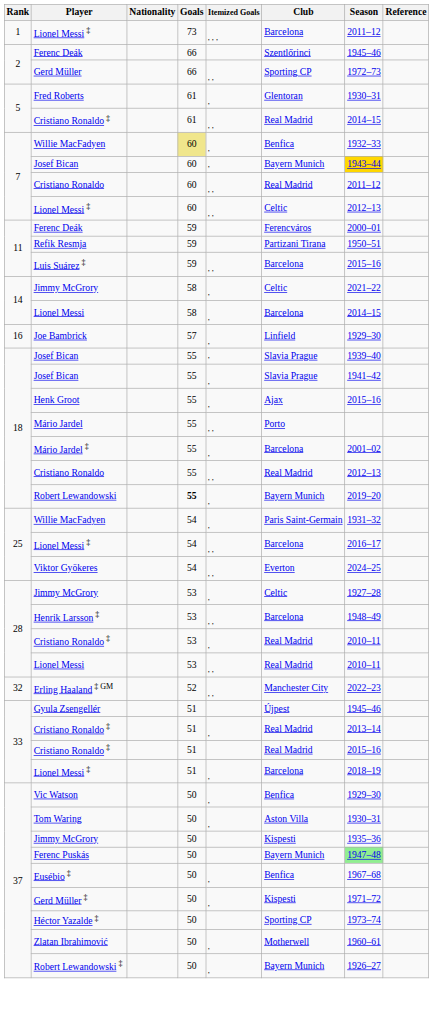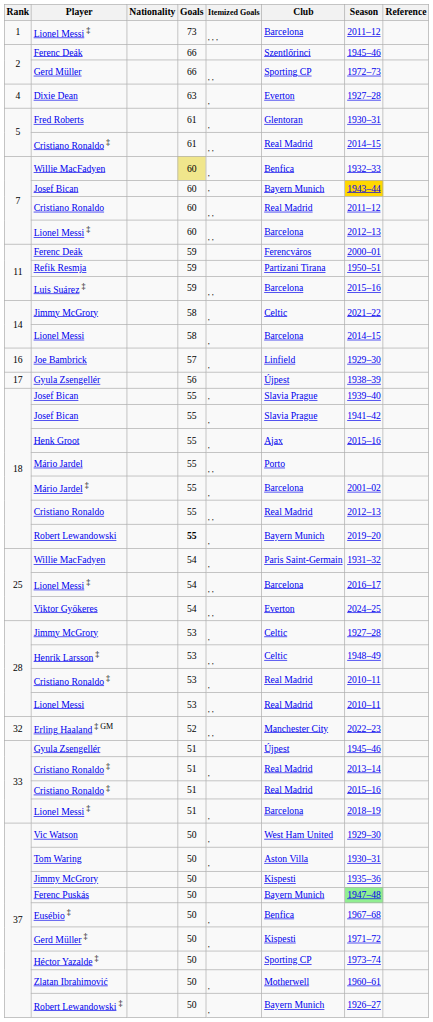 <table class="wikitable sortable" style="text-align:left; font-size:90%">
 <tr>
 <th scope="col" style="text-align:center">Rank</th>
 <th scope="col">Player</th>
 <th scope="col">Nationality</th>
 <th scope="col">Goals</th>
 <th scope="col"><small>Itemized Goals</small></th>
 <th scope="col">Club</th>
 <th scope="col">Season</th>
 <th scope="col">Reference</th>
 </tr>
 <tr>
 <td scope="row" style="text-align:center">1</td>
 <td data-sort-value="Messi"><a href='#'>Lionel Messi</a><sup> ‡</sup> </td>
 <td></td>
 <td style="text-align:center">73</td>
 <td style="font-size:85%; text-align:left; vertical-align: middle" data-sort-value="73"><br><span><span></span>, , </span> <span> , </span> <span></span></td>
 <td> <a href='#'>Barcelona</a></td>
 <td><a href='#'>2011–12</a></td>
 <td style="text-align:right;"></td>
 </tr>
 <tr>
 <td scope="rowgroup" rowspan="2" style="text-align:center">2</td>
 <td data-sort-value="Deak"><a href='#'>Ferenc Deák</a></td>
 <td></td>
 <td style="text-align:center">66</td>
 <td style="font-size:85%; text-align:left; vertical-align: middle" data-sort-value="66"><br><span></span></td>
 <td> <a href='#'>Szentlőrinci</a></td>
 <td><a href='#'>1945–46</a></td>
 <td style="text-align:right;"></td>
 </tr>
 <tr>
 <td data-sort-value="Müller"><a href='#'>Gerd Müller</a> </td>
 <td></td>
 <td style="text-align:center">66</td>
 <td style="font-size:85%; text-align:left; vertical-align: middle" data-sort-value="66"><br><span>, , </span> <span></span></td>
 <td> <a href='#'>Sporting CP</a></td>
 <td><a href='#'>1972–73</a></td>
+<td style="text-align:right;"></td>
+</tr>
+<tr>
+<td scope="row" style="text-align:center">4</td>
+<td data-sort-value="Dean"><a href='#'>Dixie Dean</a></td>
+<td></td>
+<td style="text-align:center">63</td>
+<td style="font-size:85%; text-align:left; vertical-align: middle" data-sort-value="63"><br><span>, </span></td>
+<td> <a href='#'>Everton</a></td>
+<td><a href='#'>1927–28</a></td>
 <td style="text-align:right;"></td>
 </tr>
 <tr>
 <td scope="row" style="text-align:center" rowspan="2">5</td>
 <td><a href='#'>Fred Roberts</a></td>
 <td></td>
 <td style="text-align:center">61</td>
 <td style="font-size:85%; text-align:left; vertical-align: middle" data-sort-value="96"><br><span>, </span></td>
 <td> <a href='#'>Glentoran</a></td>
 <td><a href='#'>1930–31</a></td>
 <td style="text-align:right;"></td>
 </tr>
 <tr>
 <td data-sort-value="Ronaldo"><a href='#'>Cristiano Ronaldo</a><sup> ‡</sup> </td>
 <td></td>
 <td style="text-align:center">61</td>
 <td style="font-size:85%; text-align:left; vertical-align: middle" data-sort-value="61"><br><span><span></span>, </span> <span>, </span></td>
 <td> <a href='#'>Real Madrid</a></td>
 <td><a href='#'>2014–15</a></td>
 <td style="text-align:right;"></td>
 </tr>
 <tr>
 <td scope="rowgroup" rowspan="4" style="text-align:center">7</td>
 <td data-sort-value="MacFadyen"><a href='#'>Willie MacFadyen</a> </td>
 <td></td>
 <td style="background: khaki; text-align:center">60</td>
 <td style="font-size:85%; text-align:left; vertical-align: middle" data-sort-value="60"><br><span>, </span></td>
 <td> <a href='#'>Benfica</a></td>
 <td><a href='#'>1932–33</a></td>
 <td style="text-align:right;"></td>
 </tr>
 <tr>
 <td data-sort-value="Bican"><a href='#'>Josef Bican</a> </td>
 <td></td>
 <td style="text-align:center">60</td>
 <td style="font-size:85%; text-align:left; vertical-align: middle" data-sort-value="60"><span>, </span></td>
 <td> <a href='#'>Bayern Munich</a></td>
 <td style="background: gold;"><a href='#'>1943–44</a></td>
 <td style="text-align:right;"></td>
 </tr>
 <tr>
 <td data-sort-value="Ronaldo"><a href='#'>Cristiano Ronaldo</a> </td>
 <td></td>
 <td style="text-align:center">60</td>
 <td style="font-size:85%; text-align:left; vertical-align: middle" data-sort-value="60"><br><span>, , </span> <span></span></td>
 <td> <a href='#'>Real Madrid</a></td>
 <td><a href='#'>2011–12</a></td>
 <td style="text-align:right;"></td>
 </tr>
 <tr>
 <td data-sort-value="Messi"><a href='#'>Lionel Messi</a><sup> ‡</sup> </td>
 <td></td>
 <td style="text-align:center">60</td>
 <td style="font-size:85%; text-align:left; vertical-align: middle" data-sort-value="60"><br><span><span></span>, , </span> <span></span></td>
-<td> <a href='#'>Celtic</a></td>
+<td> <a href='#'>Barcelona</a></td>
 <td><a href='#'>2012–13</a></td>
 <td style="text-align:right;"></td>
 </tr>
 <tr>
 <td scope="rowgroup" rowspan="3" style="text-align:center">11</td>
 <td data-sort-value="Deak"><a href='#'>Ferenc Deák</a> </td>
 <td></td>
 <td style="text-align:center">59</td>
 <td style="font-size:85%; text-align:left; vertical-align: middle" data-sort-value="59"><br><span></span></td>
 <td> <a href='#'>Ferencváros</a></td>
 <td><a href='#'>2000–01</a></td>
 <td style="text-align:right;"></td>
 </tr>
 <tr>
 <td data-sort-value="Suarez"><a href='#'>Refik Resmja</a></td>
 <td></td>
 <td style="text-align:center">59</td>
 <td style="font-size:85%; text-align:left; vertical-align: middle" data-sort-value="59"><br><span></span></td>
 <td> <a href='#'>Partizani Tirana</a></td>
 <td><a href='#'>1950–51</a></td>
 <td style="text-align:right;"></td>
 </tr>
 <tr>
 <td data-sort-value="Suarez"><a href='#'>Luis Suárez</a><sup> ‡</sup></td>
 <td></td>
 <td style="text-align:center">59</td>
 <td style="font-size:85%; text-align:left; vertical-align: middle" data-sort-value="59"><br><span><span></span>, </span> <span>, </span> <span></span></td>
 <td> <a href='#'>Barcelona</a></td>
 <td><a href='#'>2015–16</a></td>
 <td style="text-align:right;"></td>
 </tr>
 <tr>
 <td scope="rowgroup" rowspan="2" style="text-align:center">14</td>
 <td data-sort-value="McGrory"><a href='#'>Jimmy McGrory</a></td>
 <td></td>
 <td style="text-align:center">58</td>
 <td style="font-size:85%; text-align:left; vertical-align: middle" data-sort-value="58"><br><span>, </span></td>
 <td> <a href='#'>Celtic</a></td>
 <td><a href='#'>2021–22</a></td>
 <td style="text-align:right;"></td>
 </tr>
 <tr>
 <td data-sort-value="Messi"><a href='#'>Lionel Messi</a> </td>
 <td></td>
 <td style="text-align:center">58</td>
 <td style="font-size:85%; text-align:left; vertical-align: middle" data-sort-value="58"><br><span>, </span> <span></span></td>
 <td> <a href='#'>Barcelona</a></td>
 <td><a href='#'>2014–15</a></td>
 <td style="text-align:right;"></td>
 </tr>
 <tr>
 <td scope="rowgroup" style="text-align:center">16</td>
 <td data-sort-value="Bambrick"><a href='#'>Joe Bambrick</a></td>
 <td></td>
 <td style="text-align:center">57</td>
 <td style="font-size:85%; text-align:left; vertical-align: middle" data-sort-value="54"><br><span>, </span></td>
 <td> <a href='#'>Linfield</a></td>
 <td><a href='#'>1929–30</a></td>
+<td style="text-align:right;"></td>
+</tr>
+<tr>
+<td scope="rowgroup" style="text-align:center">17</td>
+<td data-sort-value="Zsengellér"><a href='#'>Gyula Zsengellér</a></td>
+<td></td>
+<td style="text-align:center">56</td>
+<td style="font-size:85%; text-align:left; vertical-align: middle" data-sort-value="56"><br><span></span></td>
+<td> <a href='#'>Újpest</a></td>
+<td><a href='#'>1938–39</a></td>
 <td style="text-align:right;"></td>
 </tr>
 <tr>
 <td data-sort-value="Bican" rowspan="7" style="text-align:center">18</td>
 <td><a href='#'>Josef Bican</a> </td>
 <td></td>
 <td style="text-align:center">55</td>
 <td style="font-size:85%; text-align:left; vertical-align: middle" data-sort-value="55"><span>, </span></td>
 <td> <a href='#'>Slavia Prague</a></td>
 <td><a href='#'>1939–40</a></td>
 <td style="text-align:right;"></td>
 </tr>
 <tr>
 <td data-sort-value="Bican"><a href='#'>Josef Bican</a> </td>
 <td></td>
 <td style="text-align:center">55</td>
 <td style="font-size:85%; text-align:left; vertical-align: middle" data-sort-value="55"><br><span>, </span></td>
 <td> <a href='#'>Slavia Prague</a></td>
 <td><a href='#'>1941–42</a></td>
 <td style="text-align:right;"></td>
 </tr>
 <tr>
 <td data-sort-value="Groot"><a href='#'>Henk Groot</a></td>
 <td></td>
 <td style="text-align:center">55</td>
 <td style="font-size:85%; text-align:left; vertical-align: middle" data-sort-value="55"><br><span>, </span></td>
 <td> <a href='#'>Ajax</a></td>
 <td><a href='#'>2015–16</a></td>
 <td style="text-align:right;"></td>
 </tr>
 <tr>
 <td data-sort-value="Jardel"><a href='#'>Mário Jardel</a> </td>
 <td></td>
 <td style="text-align:center">55</td>
 <td style="font-size:85%; text-align:left; vertical-align: middle" data-sort-value="55"><br><span>, , </span> <span></span></td>
 <td> <a href='#'>Porto</a></td>
 <td></td>
 <td style="text-align:right;"></td>
 </tr>
 <tr>
 <td data-sort-value="Jardel"><a href='#'>Mário Jardel</a><sup> ‡</sup> </td>
 <td></td>
 <td style="text-align:center">55</td>
 <td style="font-size:85%; text-align:left; vertical-align: middle" data-sort-value="55"><br><span><span></span>, </span> <span></span></td>
 <td> <a href='#'>Barcelona</a></td>
 <td><a href='#'>2001–02</a></td>
 <td style="text-align:right;"></td>
 </tr>
 <tr>
 <td data-sort-value="Ronaldo"><a href='#'>Cristiano Ronaldo</a> </td>
 <td></td>
 <td style="text-align:center">55</td>
 <td style="font-size:85%; text-align:left; vertical-align: middle" data-sort-value="55"><br><span>, , </span> <span></span></td>
 <td> <a href='#'>Real Madrid</a></td>
 <td><a href='#'>2012–13</a></td>
 <td style="text-align:right;"></td>
 </tr>
 <tr>
 <td data-sort-value="Lewandowski"><a href='#'>Robert Lewandowski</a></td>
 <td></td>
 <td style="text-align:center"><strong>55</strong></td>
 <td style="font-size:85%; text-align:left; vertical-align: middle" data-sort-value="55"><br><span>, </span> <span></span></td>
 <td> <a href='#'>Bayern Munich</a></td>
 <td><a href='#'>2019–20</a></td>
 <td style="text-align:right;"></td>
 </tr>
 <tr>
 <td scope="row"  rowspan="3" style="text-align:center">25</td>
 <td data-sort-value="MacFadyen"><a href='#'>Willie MacFadyen</a></td>
 <td></td>
 <td style="text-align:center">54</td>
 <td style="font-size:85%; text-align:left; vertical-align: middle" data-sort-value="54"><br><span>, </span></td>
 <td> <a href='#'>Paris Saint-Germain</a></td>
 <td><a href='#'>1931–32</a></td>
 <td style="text-align:right;"></td>
 </tr>
 <tr>
 <td data-sort-value="Messi"><a href='#'>Lionel Messi</a><sup> ‡</sup> </td>
 <td></td>
 <td style="text-align:center">54</td>
 <td style="font-size:85%; text-align:left; vertical-align: middle" data-sort-value="54"><br><span><span></span>, , </span> <span></span></td>
 <td> <a href='#'>Barcelona</a></td>
 <td><a href='#'>2016–17</a></td>
 <td style="text-align:right;"></td>
 </tr>
 <tr>
 <td data-sort-value="Gyokeres"><a href='#'>Viktor Gyökeres</a></td>
 <td></td>
 <td style="text-align:center">54</td>
 <td style="font-size:85%; text-align:left; vertical-align: middle" data-sort-value="54"><br><span>, , </span> <span></span></td>
 <td> <a href='#'>Everton</a></td>
 <td><a href='#'>2024–25</a></td>
 <td style="text-align:right;"></td>
 </tr>
 <tr>
 <td rowspan="4" scope="rowgroup" style="text-align:center">28</td>
 <td data-sort-value="McGrory"><a href='#'>Jimmy McGrory</a> </td>
 <td></td>
 <td style="text-align:center">53</td>
 <td style="font-size:85%; text-align:left; vertical-align: middle" data-sort-value="53"><br><span>, </span></td>
 <td> <a href='#'>Celtic</a></td>
 <td><a href='#'>1927–28</a></td>
 <td style="text-align:right;"></td>
 </tr>
 <tr>
 <td data-sort-value="Larsson"><a href='#'>Henrik Larsson</a><sup> ‡</sup></td>
 <td></td>
 <td style="text-align:center">53</td>
 <td style="font-size:85%; text-align:left; vertical-align: middle" data-sort-value="53"><br><span><span></span>, , </span> <span></span></td>
-<td> <a href='#'>Barcelona</a></td>
+<td> <a href='#'>Celtic</a></td>
 <td><a href='#'>1948–49</a></td>
 <td style="text-align:right;"><br></td>
 </tr>
 <tr>
 <td data-sort-value="Ronaldo"><a href='#'>Cristiano Ronaldo</a><sup> ‡</sup></td>
 <td></td>
 <td style="text-align:center">53</td>
 <td style="font-size:85%; text-align:left; vertical-align: middle" data-sort-value="53"><br><span><span></span>, </span> <span></span></td>
 <td> <a href='#'>Real Madrid</a></td>
 <td><a href='#'>2010–11</a></td>
 <td style="text-align:right;"></td>
 </tr>
 <tr>
 <td data-sort-value="Messi"><a href='#'>Lionel Messi</a></td>
 <td></td>
 <td style="text-align:center">53</td>
 <td style="font-size:85%; text-align:left; vertical-align: middle" data-sort-value="53"><br><span>, , </span> <span></span></td>
 <td> <a href='#'>Real Madrid</a></td>
 <td><a href='#'>2010–11</a></td>
 <td style="text-align:right;"></td>
 </tr>
 <tr>
 <td scope="rowgroup" style="text-align:center">32</td>
 <td data-sort-value="Haaland"><a href='#'>Erling Haaland</a><sup> ‡ GM</sup></td>
 <td></td>
 <td style="text-align:center">52</td>
 <td style="font-size:85%; text-align:left; vertical-align: middle" data-sort-value="52"><br><span><span></span>, , </span> <span></span></td>
 <td> <a href='#'>Manchester City</a></td>
 <td><a href='#'>2022–23</a></td>
 <td style="text-align:right;"></td>
 </tr>
 <tr>
 <td scope="rowgroup" rowspan="4" style="text-align:center">33</td>
 <td data-sort-value="Zsengellér"><a href='#'>Gyula Zsengellér</a> </td>
 <td></td>
 <td style="text-align:center">51</td>
 <td style="font-size:85%; text-align:left; vertical-align: middle" data-sort-value="51"><br><span></span></td>
 <td> <a href='#'>Újpest</a></td>
 <td><a href='#'>1945–46</a></td>
 <td style="text-align:right;"></td>
 </tr>
 <tr>
 <td data-sort-value="Ronaldo"><a href='#'>Cristiano Ronaldo</a><sup> ‡</sup> </td>
 <td></td>
 <td style="text-align:center">51</td>
 <td style="font-size:85%; text-align:left; vertical-align: middle" data-sort-value="51"><br><span><span></span>, </span> <span></span></td>
 <td> <a href='#'>Real Madrid</a></td>
 <td><a href='#'>2013–14</a></td>
 <td style="text-align:right;"></td>
 </tr>
 <tr>
 <td data-sort-value="Ronaldo"><a href='#'>Cristiano Ronaldo</a><sup> ‡</sup> </td>
 <td></td>
 <td style="text-align:center">51</td>
 <td style="font-size:85%; text-align:left; vertical-align: middle" data-sort-value="51"><br><span><span></span></span> <span></span></td>
 <td> <a href='#'>Real Madrid</a></td>
 <td><a href='#'>2015–16</a></td>
 <td style="text-align:right;"></td>
 </tr>
 <tr>
 <td data-sort-value="Messi"><a href='#'>Lionel Messi</a><sup> ‡</sup> </td>
 <td></td>
 <td style="text-align:center">51</td>
 <td style="font-size:85%; text-align:left; vertical-align: middle" data-sort-value="51"><br><span><span></span>, </span> <span></span></td>
 <td> <a href='#'>Barcelona</a></td>
 <td><a href='#'>2018–19</a></td>
 <td style="text-align:right;"></td>
 </tr>
 <tr>
 <td rowspan="10" scope="rowgroup" style="text-align:center">37</td>
 <td data-sort-value="Watson"><a href='#'>Vic Watson</a></td>
 <td></td>
 <td style="text-align:center">50</td>
 <td style="font-size:85%; text-align:left; vertical-align: middle" data-sort-value="50"><br><span>, </span></td>
-<td> <a href='#'>Benfica</a></td>
+<td> <a href='#'>West Ham United</a></td>
 <td><a href='#'>1929–30</a></td>
 <td style="text-align:right;"></td>
 </tr>
 <tr>
 <td data-sort-value="Waring"><a href='#'>Tom Waring</a></td>
 <td></td>
 <td style="text-align:center">50</td>
 <td style="font-size:85%; text-align:left; vertical-align: middle" data-sort-value="50"><br><span>, </span></td>
 <td> <a href='#'>Aston Villa</a></td>
 <td><a href='#'>1930–31</a></td>
 <td style="text-align:right;"></td>
 </tr>
 <tr>
 <td data-sort-value="McGrory"><a href='#'>Jimmy McGrory</a> </td>
 <td></td>
 <td style="text-align:center">50</td>
 <td style="font-size:85%; text-align:left; vertical-align: middle" data-sort-value="50"><br><span></span></td>
 <td> <a href='#'>Kispesti</a></td>
 <td><a href='#'>1935–36</a></td>
 <td style="text-align:right;"></td>
 </tr>
 <tr>
 <td data-sort-value="Puskás"><a href='#'>Ferenc Puskás</a></td>
 <td></td>
 <td style="text-align:center">50</td>
 <td style="font-size:85%; text-align:left; vertical-align: middle" data-sort-value="50"><br><span></span></td>
 <td> <a href='#'>Bayern Munich</a></td>
 <td style="background: lightgreen;"><a href='#'>1947–48</a></td>
 <td style="text-align:right;"></td>
 </tr>
 <tr>
 <td data-sort-value="Eusebio"><a href='#'>Eusébio</a><sup> ‡</sup></td>
 <td></td>
 <td style="text-align:center">50</td>
 <td style="font-size:85%; text-align:left; vertical-align: middle" data-sort-value="50"><br><span><span></span>, </span> <span></span></td>
 <td> <a href='#'>Benfica</a></td>
 <td><a href='#'>1967–68</a></td>
 <td style="text-align:right;"></td>
 </tr>
 <tr>
 <td data-sort-value="Müller"><a href='#'>Gerd Müller</a><sup> ‡</sup></td>
 <td></td>
 <td style="text-align:center">50</td>
 <td style="font-size:85%; text-align:left; vertical-align: middle" data-sort-value="50"><br><span><span></span>, </span> <span></span></td>
 <td> <a href='#'>Kispesti</a></td>
 <td><a href='#'>1971–72</a></td>
 <td style="text-align:right;"></td>
 </tr>
 <tr>
 <td data-sort-value="Yazalde"><a href='#'>Héctor Yazalde</a><sup> ‡</sup></td>
 <td></td>
 <td style="text-align:center">50</td>
 <td style="font-size:85%; text-align:left; vertical-align: middle" data-sort-value="50"><br><span><span></span></span> <span></span></td>
 <td> <a href='#'>Sporting CP</a></td>
 <td><a href='#'>1973–74</a></td>
 <td style="text-align:right;"></td>
 </tr>
 <tr>
 <td data-sort-value="Ibrahimovic"><a href='#'>Zlatan Ibrahimović</a></td>
 <td></td>
 <td style="text-align:center">50</td>
 <td style="font-size:85%; text-align:left; vertical-align: middle" data-sort-value="50"><br><span>, </span> <span></span></td>
 <td> <a href='#'>Motherwell</a></td>
 <td><a href='#'>1960–61</a></td>
 <td style="text-align:right;"></td>
 </tr>
 <tr>
 <td data-sort-value="Lewandowski"><a href='#'>Robert Lewandowski</a><sup> ‡</sup> </td>
 <td></td>
 <td style="text-align:center">50</td>
 <td style="font-size:85%; text-align:left; vertical-align: middle" data-sort-value="50"><br><span><span></span>, </span> <span></span></td>
 <td> <a href='#'>Bayern Munich</a></td>
 <td><a href='#'>1926–27</a></td>
 <td style="text-align:right;"></td>
 </tr>
 </table>
